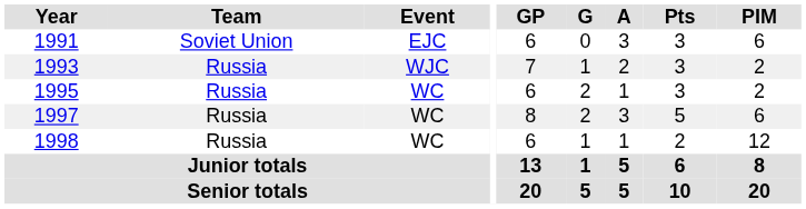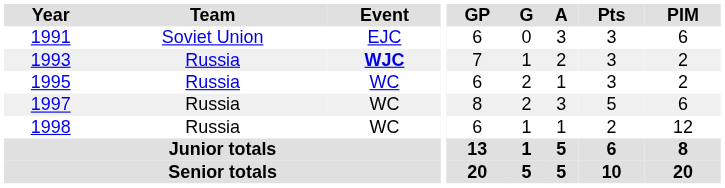 <table border="0" cellpadding="1" cellspacing="0" ID="Table3" style="text-align:center; width:40em">
 <tr ALIGN="center" bgcolor="#e0e0e0">
 <th>Year</th>
 <th>Team</th>
 <th>Event</th>
 <th rowspan="99" bgcolor="#ffffff"></th>
 <th>GP</th>
 <th>G</th>
 <th>A</th>
 <th>Pts</th>
 <th>PIM</th>
 </tr>
 <tr>
 <td><a href='#'>1991</a></td>
 <td><a href='#'>Soviet Union</a></td>
 <td><a href='#'>EJC</a></td>
 <td>6</td>
 <td>0</td>
 <td>3</td>
 <td>3</td>
 <td>6</td>
 </tr>
 <tr bgcolor="#f0f0f0">
 <td><a href='#'>1993</a></td>
 <td><a href='#'>Russia</a></td>
-<td><a href='#'>WJC</a></td>
+<td><strong><a href='#'>WJC</a></strong></td>
 <td>7</td>
 <td>1</td>
 <td>2</td>
 <td>3</td>
 <td>2</td>
 </tr>
 <tr>
 <td><a href='#'>1995</a></td>
 <td><a href='#'>Russia</a></td>
 <td><a href='#'>WC</a></td>
 <td>6</td>
 <td>2</td>
 <td>1</td>
 <td>3</td>
 <td>2</td>
 </tr>
 <tr bgcolor="#f0f0f0">
 <td><a href='#'>1997</a></td>
 <td>Russia</td>
 <td>WC</td>
 <td>8</td>
 <td>2</td>
 <td>3</td>
 <td>5</td>
 <td>6</td>
 </tr>
 <tr>
 <td><a href='#'>1998</a></td>
 <td>Russia</td>
 <td>WC</td>
 <td>6</td>
 <td>1</td>
 <td>1</td>
 <td>2</td>
 <td>12</td>
 </tr>
 <tr bgcolor="#e0e0e0">
 <th colspan="3">Junior totals</th>
 <th>13</th>
 <th>1</th>
 <th>5</th>
 <th>6</th>
 <th>8</th>
 </tr>
 <tr bgcolor="#e0e0e0">
 <th colspan="3">Senior totals</th>
 <th>20</th>
 <th>5</th>
 <th>5</th>
 <th>10</th>
 <th>20</th>
 </tr>
 </table>
